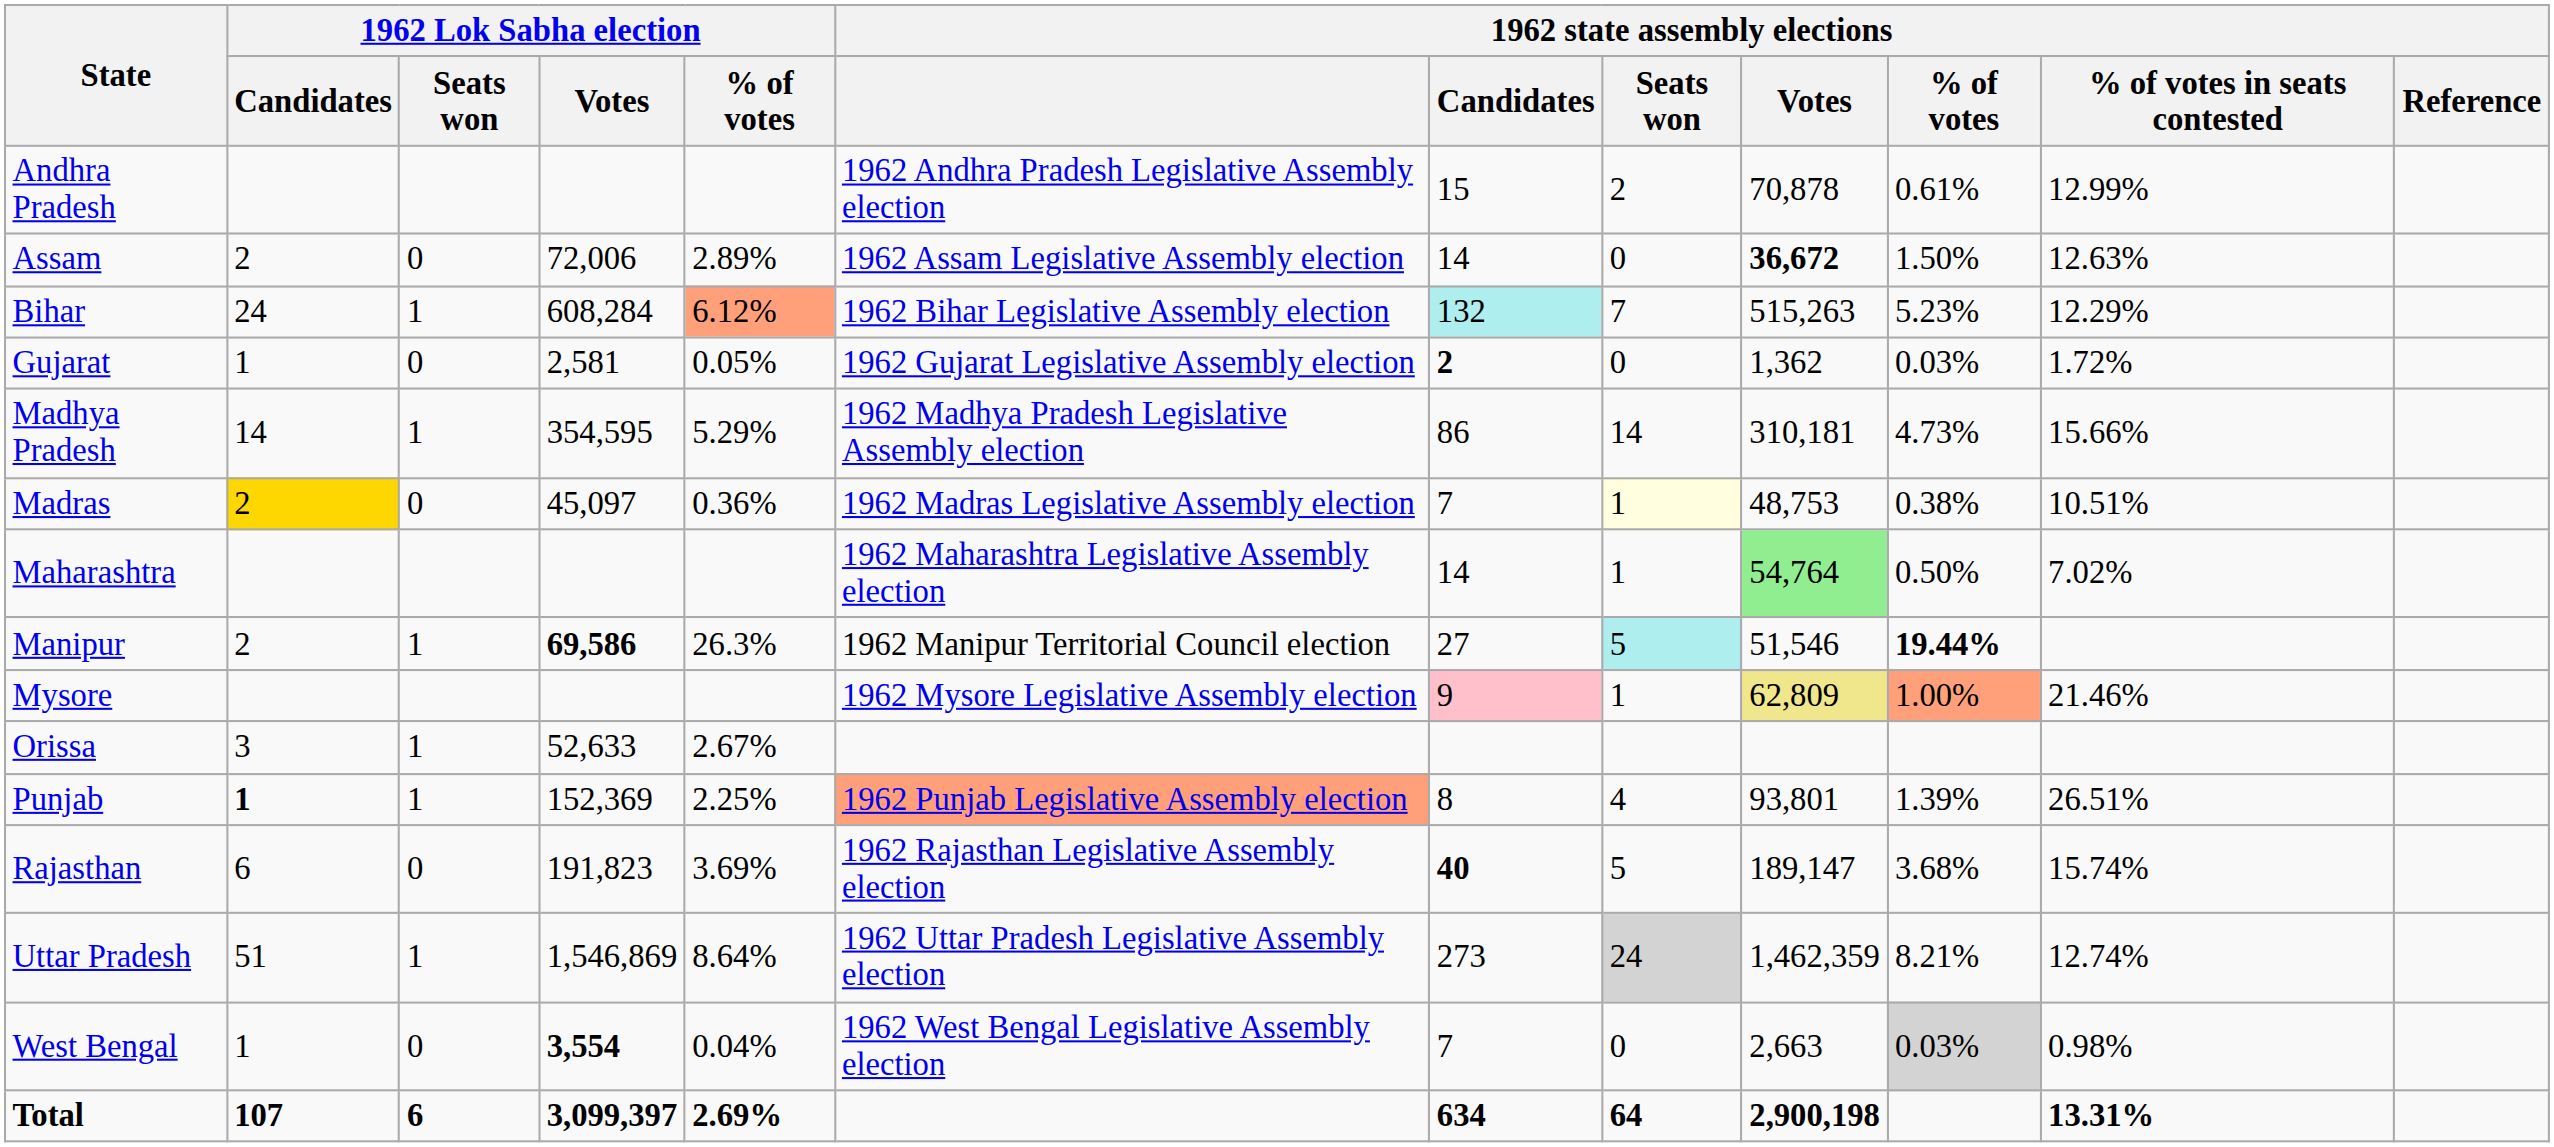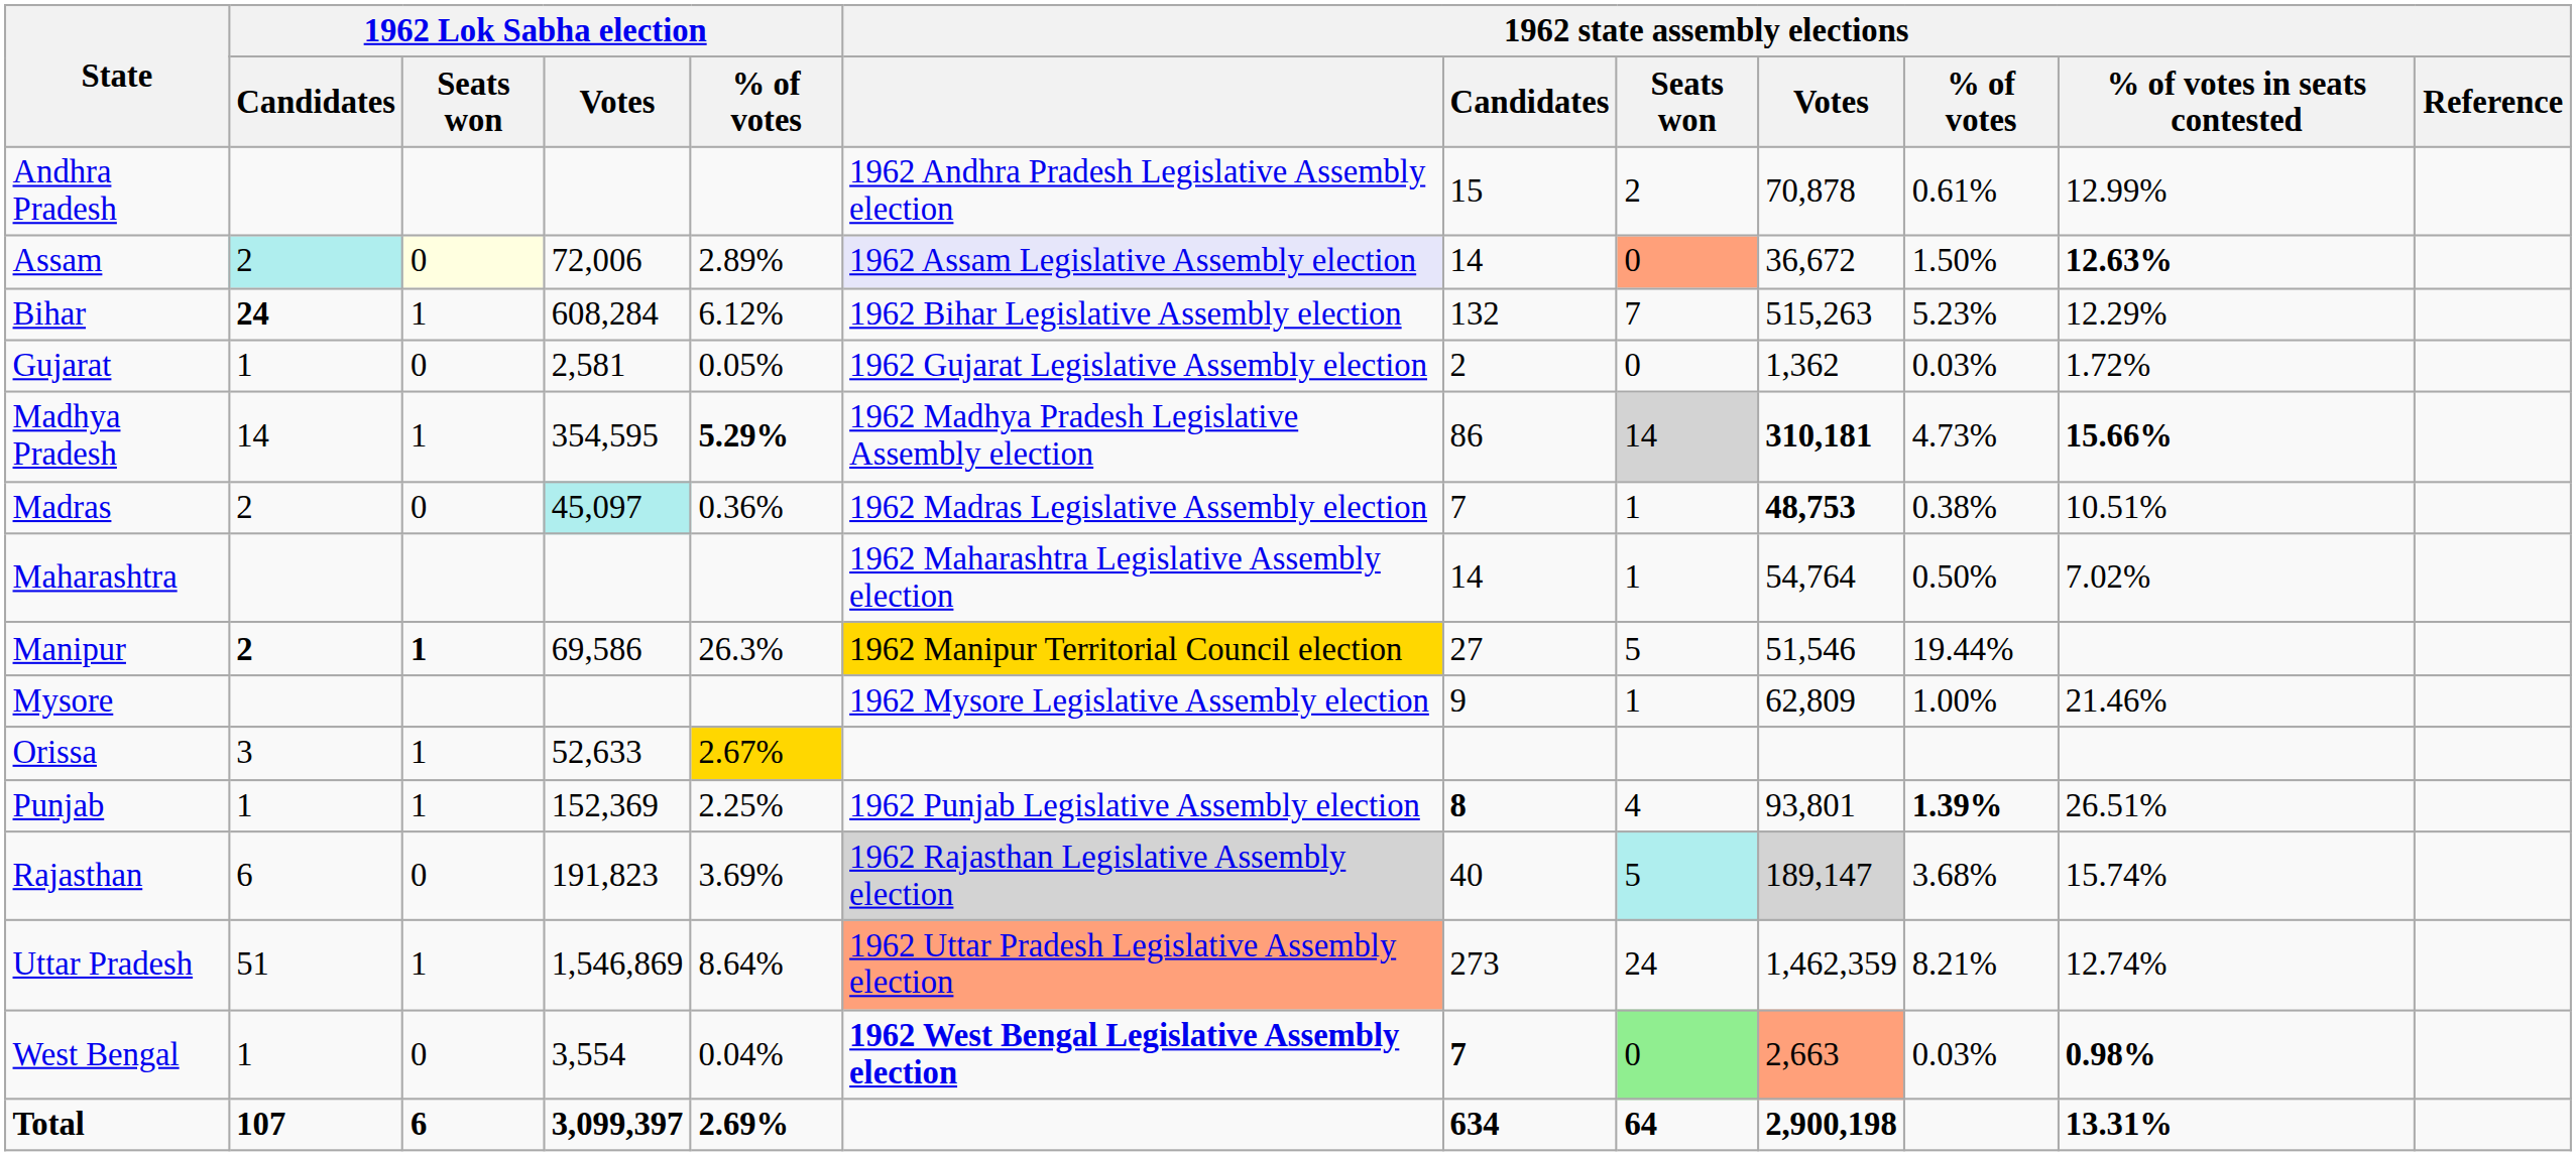 <table class=wikitable>
 <tr>
 <th rowspan=2>State</th>
 <th colspan=4><a href='#'>1962 Lok Sabha election</a></th>
 <th colspan=7>1962 state assembly elections</th>
 </tr>
 <tr>
 <th>Candidates</th>
 <th>Seats won</th>
 <th>Votes</th>
 <th>% of votes</th>
 <th></th>
 <th>Candidates</th>
 <th>Seats won</th>
 <th>Votes</th>
 <th>% of votes</th>
 <th>% of votes in seats contested</th>
 <th>Reference</th>
 </tr>
 <tr>
 <td><a href='#'>Andhra Pradesh</a></td>
 <td></td>
 <td></td>
 <td></td>
 <td></td>
 <td><a href='#'>1962 Andhra Pradesh Legislative Assembly election</a></td>
 <td>15</td>
 <td>2</td>
 <td>70,878</td>
 <td>0.61%</td>
 <td>12.99%</td>
 <td></td>
 </tr>
 <tr>
 <td><a href='#'>Assam</a></td>
-<td>2</td>
-<td>0</td>
+<td style="background: paleturquoise;">2</td>
+<td style="background: lightyellow;">0</td>
 <td>72,006</td>
 <td>2.89%</td>
-<td><a href='#'>1962 Assam Legislative Assembly election</a></td>
+<td style="background: lavender;"><a href='#'>1962 Assam Legislative Assembly election</a></td>
 <td>14</td>
-<td>0</td>
-<td><strong>36,672</strong></td>
+<td style="background: lightsalmon;">0</td>
+<td>36,672</td>
 <td>1.50%</td>
-<td>12.63%</td>
+<td><strong>12.63%</strong></td>
 <td></td>
 </tr>
 <tr>
 <td><a href='#'>Bihar</a></td>
-<td>24</td>
+<td><strong>24</strong></td>
 <td>1</td>
 <td>608,284</td>
-<td style="background: lightsalmon;">6.12%</td>
+<td>6.12%</td>
 <td><a href='#'>1962 Bihar Legislative Assembly election</a></td>
-<td style="background: paleturquoise;">132</td>
+<td>132</td>
 <td>7</td>
 <td>515,263</td>
 <td>5.23%</td>
 <td>12.29%</td>
 <td></td>
 </tr>
 <tr>
 <td><a href='#'>Gujarat</a></td>
 <td>1</td>
 <td>0</td>
 <td>2,581</td>
 <td>0.05%</td>
 <td><a href='#'>1962 Gujarat Legislative Assembly election</a></td>
-<td><strong>2</strong></td>
+<td>2</td>
 <td>0</td>
 <td>1,362</td>
 <td>0.03%</td>
 <td>1.72%</td>
 <td></td>
 </tr>
 <tr>
 <td><a href='#'>Madhya Pradesh</a></td>
 <td>14</td>
 <td>1</td>
 <td>354,595</td>
-<td>5.29%</td>
+<td><strong>5.29%</strong></td>
 <td><a href='#'>1962 Madhya Pradesh Legislative Assembly election</a></td>
 <td>86</td>
-<td>14</td>
-<td>310,181</td>
+<td style="background: lightgrey;">14</td>
+<td><strong>310,181</strong></td>
 <td>4.73%</td>
-<td>15.66%</td>
+<td><strong>15.66%</strong></td>
 <td></td>
 </tr>
 <tr>
 <td><a href='#'>Madras</a></td>
-<td style="background: gold;">2</td>
+<td>2</td>
 <td>0</td>
-<td>45,097</td>
+<td style="background: paleturquoise;">45,097</td>
 <td>0.36%</td>
 <td><a href='#'>1962 Madras Legislative Assembly election</a></td>
 <td>7</td>
-<td style="background: lightyellow;">1</td>
-<td>48,753</td>
+<td>1</td>
+<td><strong>48,753</strong></td>
 <td>0.38%</td>
 <td>10.51%</td>
 <td></td>
 </tr>
 <tr>
 <td><a href='#'>Maharashtra</a></td>
 <td></td>
 <td></td>
 <td></td>
 <td></td>
 <td><a href='#'>1962 Maharashtra Legislative Assembly election</a></td>
 <td>14</td>
 <td>1</td>
-<td style="background: lightgreen;">54,764</td>
+<td>54,764</td>
 <td>0.50%</td>
 <td>7.02%</td>
 <td></td>
 </tr>
 <tr>
 <td><a href='#'>Manipur</a></td>
-<td>2</td>
-<td>1</td>
-<td><strong>69,586</strong></td>
+<td><strong>2</strong></td>
+<td><strong>1</strong></td>
+<td>69,586</td>
 <td>26.3%</td>
-<td>1962 Manipur Territorial Council election</td>
+<td style="background: gold;">1962 Manipur Territorial Council election</td>
 <td>27</td>
-<td style="background: paleturquoise;">5</td>
+<td>5</td>
 <td>51,546</td>
-<td><strong>19.44%</strong></td>
+<td>19.44%</td>
 <td></td>
 <td></td>
 </tr>
 <tr>
 <td><a href='#'>Mysore</a></td>
 <td></td>
 <td></td>
 <td></td>
 <td></td>
 <td><a href='#'>1962 Mysore Legislative Assembly election</a></td>
-<td style="background: pink;">9</td>
+<td>9</td>
 <td>1</td>
-<td style="background: khaki;">62,809</td>
-<td style="background: lightsalmon;">1.00%</td>
+<td>62,809</td>
+<td>1.00%</td>
 <td>21.46%</td>
 <td></td>
 </tr>
 <tr>
 <td><a href='#'>Orissa</a></td>
 <td>3</td>
 <td>1</td>
 <td>52,633</td>
-<td>2.67%</td>
+<td style="background: gold;">2.67%</td>
 <td></td>
 <td></td>
 <td></td>
 <td></td>
 <td></td>
 <td></td>
 <td></td>
 </tr>
 <tr>
 <td><a href='#'>Punjab</a></td>
-<td><strong>1</strong></td>
+<td>1</td>
 <td>1</td>
 <td>152,369</td>
 <td>2.25%</td>
-<td style="background: lightsalmon;"><a href='#'>1962 Punjab Legislative Assembly election</a></td>
-<td>8</td>
+<td><a href='#'>1962 Punjab Legislative Assembly election</a></td>
+<td><strong>8</strong></td>
 <td>4</td>
 <td>93,801</td>
-<td>1.39%</td>
+<td><strong>1.39%</strong></td>
 <td>26.51%</td>
 <td></td>
 </tr>
 <tr>
 <td><a href='#'>Rajasthan</a></td>
 <td>6</td>
 <td>0</td>
 <td>191,823</td>
 <td>3.69%</td>
-<td><a href='#'>1962 Rajasthan Legislative Assembly election</a></td>
-<td><strong>40</strong></td>
-<td>5</td>
-<td>189,147</td>
+<td style="background: lightgrey;"><a href='#'>1962 Rajasthan Legislative Assembly election</a></td>
+<td>40</td>
+<td style="background: paleturquoise;">5</td>
+<td style="background: lightgrey;">189,147</td>
 <td>3.68%</td>
 <td>15.74%</td>
 <td></td>
 </tr>
 <tr>
 <td><a href='#'>Uttar Pradesh</a></td>
 <td>51</td>
 <td>1</td>
 <td>1,546,869</td>
 <td>8.64%</td>
-<td><a href='#'>1962 Uttar Pradesh Legislative Assembly election</a></td>
+<td style="background: lightsalmon;"><a href='#'>1962 Uttar Pradesh Legislative Assembly election</a></td>
 <td>273</td>
-<td style="background: lightgrey;">24</td>
+<td>24</td>
 <td>1,462,359</td>
 <td>8.21%</td>
 <td>12.74%</td>
 <td></td>
 </tr>
 <tr>
 <td><a href='#'>West Bengal</a></td>
 <td>1</td>
 <td>0</td>
-<td><strong>3,554</strong></td>
+<td>3,554</td>
 <td>0.04%</td>
-<td><a href='#'>1962 West Bengal Legislative Assembly election</a></td>
-<td>7</td>
-<td>0</td>
-<td>2,663</td>
-<td style="background: lightgrey;">0.03%</td>
-<td>0.98%</td>
+<td><strong><a href='#'>1962 West Bengal Legislative Assembly election</a></strong></td>
+<td><strong>7</strong></td>
+<td style="background: lightgreen;">0</td>
+<td style="background: lightsalmon;">2,663</td>
+<td>0.03%</td>
+<td><strong>0.98%</strong></td>
 <td></td>
 </tr>
 <tr>
 <td><strong>Total</strong></td>
 <td><strong>107</strong></td>
 <td><strong>6</strong></td>
 <td><strong>3,099,397</strong></td>
 <td><strong>2.69%</strong></td>
 <td></td>
 <td><strong>634</strong></td>
 <td><strong>64</strong></td>
 <td><strong>2,900,198</strong></td>
 <td></td>
 <td><strong>13.31%</strong></td>
 <td></td>
 </tr>
 </table>
